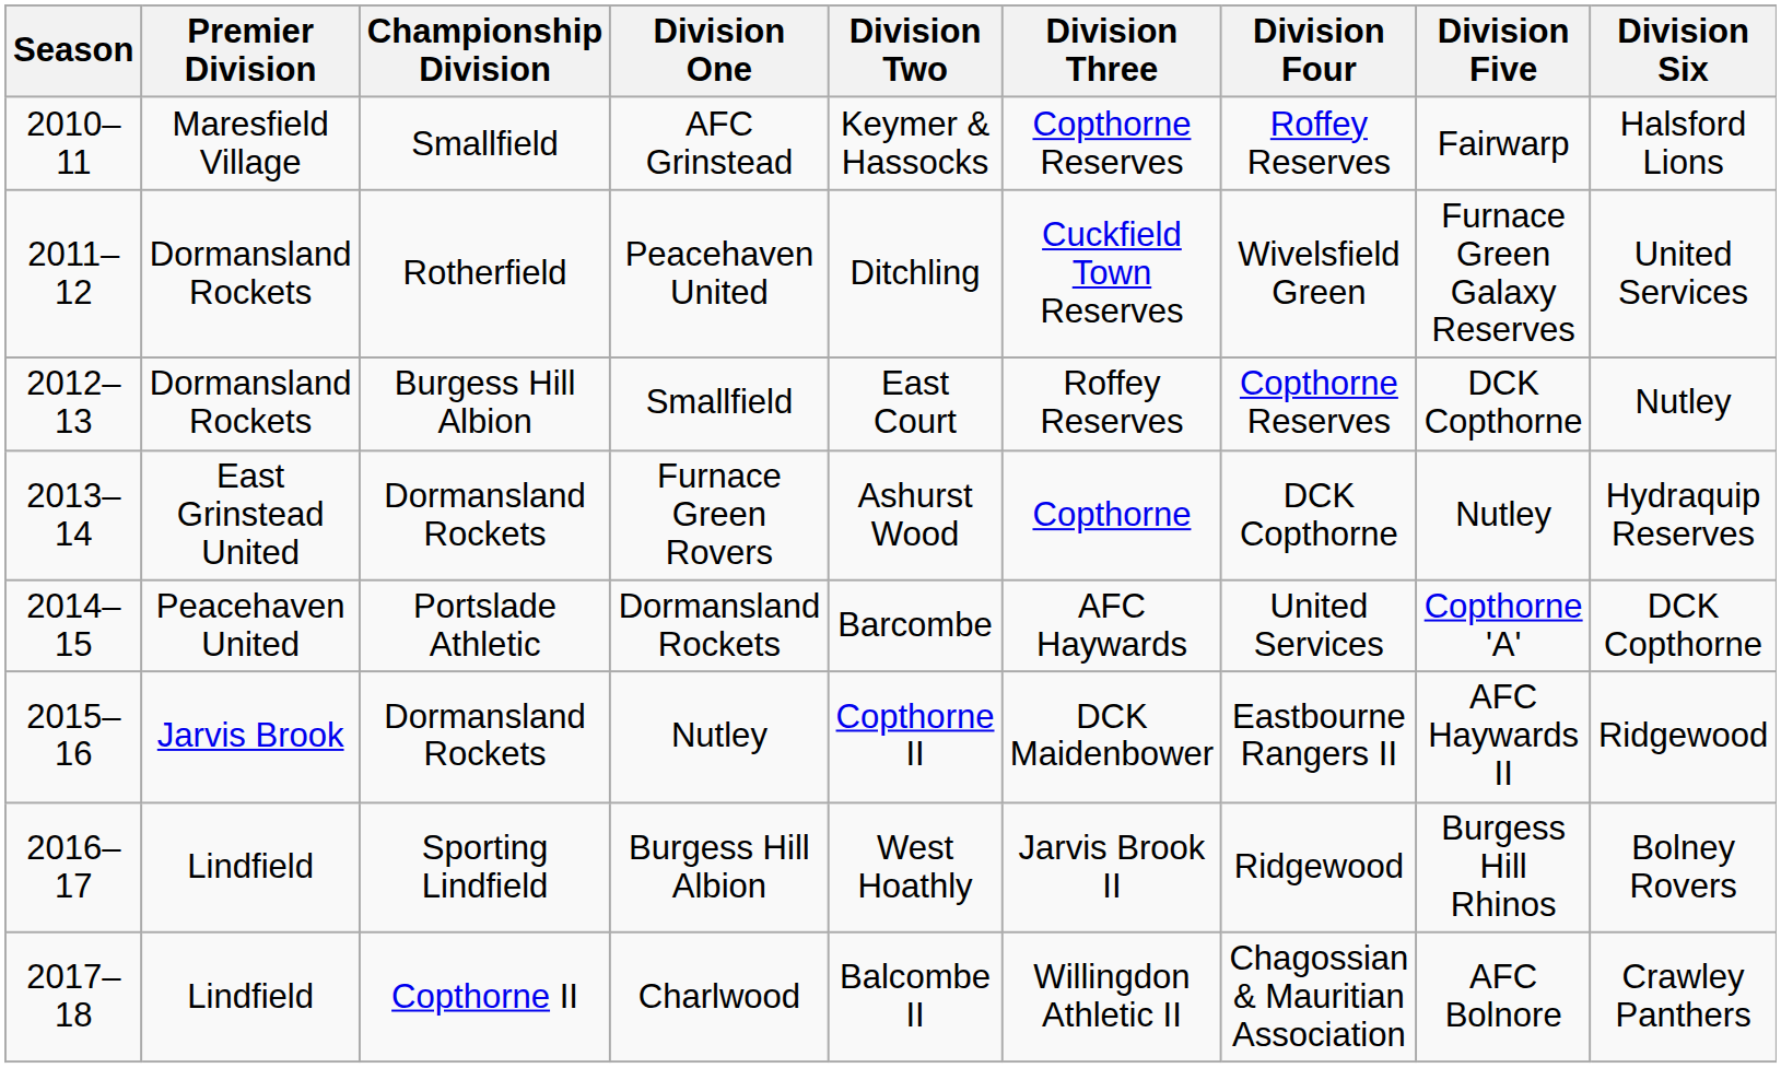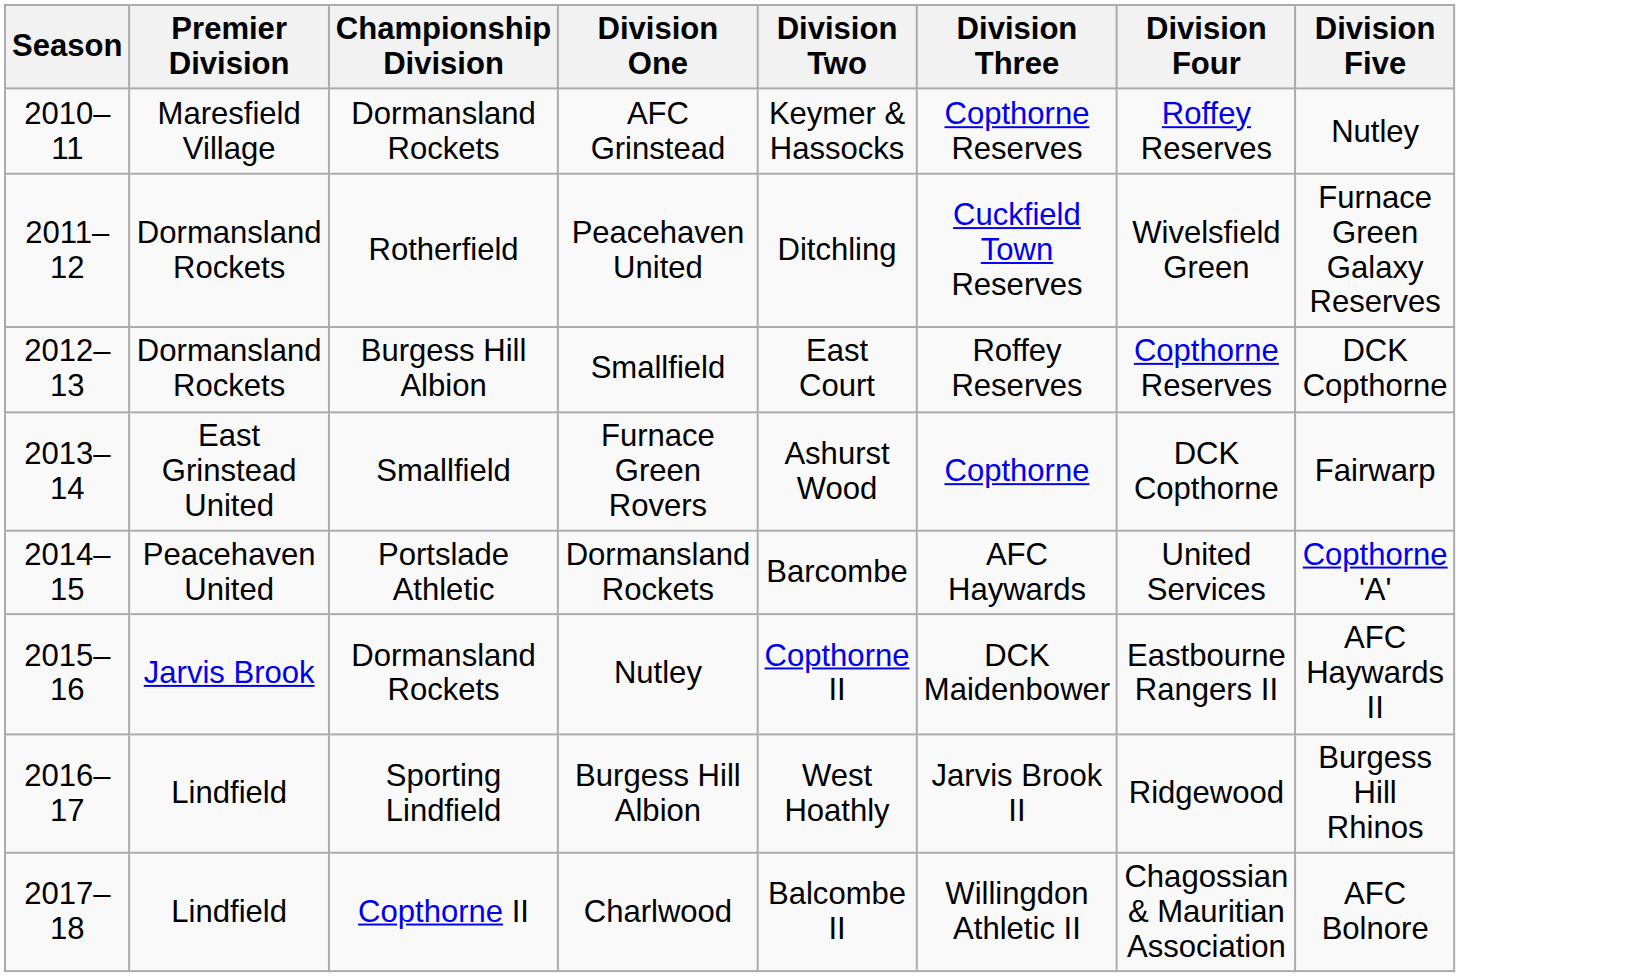 <table class="wikitable" style="text-align: center">
 <tr>
 <th>Season</th>
 <th>Premier Division</th>
 <th>Championship Division</th>
 <th>Division One</th>
 <th>Division Two</th>
 <th>Division Three</th>
 <th>Division Four</th>
 <th>Division Five</th>
-<th>Division Six</th>
 </tr>
 <tr>
 <td>2010–11</td>
 <td>Maresfield Village</td>
-<td>Smallfield</td>
+<td>Dormansland Rockets</td>
 <td>AFC Grinstead</td>
 <td>Keymer & Hassocks</td>
 <td><a href='#'>Copthorne</a> Reserves</td>
 <td><a href='#'>Roffey</a> Reserves</td>
-<td>Fairwarp</td>
-<td>Halsford Lions</td>
+<td>Nutley</td>
 </tr>
 <tr>
 <td>2011–12</td>
 <td>Dormansland Rockets</td>
 <td>Rotherfield</td>
 <td>Peacehaven United</td>
 <td>Ditchling</td>
 <td><a href='#'>Cuckfield Town</a> Reserves</td>
 <td>Wivelsfield Green</td>
 <td>Furnace Green Galaxy Reserves</td>
-<td>United Services</td>
 </tr>
 <tr>
 <td>2012–13</td>
 <td>Dormansland Rockets</td>
 <td>Burgess Hill Albion</td>
 <td>Smallfield</td>
 <td>East Court</td>
 <td>Roffey Reserves</td>
 <td><a href='#'>Copthorne</a> Reserves</td>
 <td>DCK Copthorne</td>
-<td>Nutley</td>
 </tr>
 <tr>
 <td>2013–14</td>
 <td>East Grinstead United</td>
-<td>Dormansland Rockets</td>
+<td>Smallfield</td>
 <td>Furnace Green Rovers</td>
 <td>Ashurst Wood</td>
 <td><a href='#'>Copthorne</a></td>
 <td>DCK Copthorne</td>
-<td>Nutley</td>
-<td>Hydraquip Reserves</td>
+<td>Fairwarp</td>
 </tr>
 <tr>
 <td>2014–15</td>
 <td>Peacehaven United</td>
 <td>Portslade Athletic</td>
 <td>Dormansland Rockets</td>
 <td>Barcombe</td>
 <td>AFC Haywards</td>
 <td>United Services</td>
 <td><a href='#'>Copthorne</a> 'A'</td>
-<td>DCK Copthorne</td>
 </tr>
 <tr>
 <td>2015–16</td>
 <td><a href='#'>Jarvis Brook</a></td>
 <td>Dormansland Rockets</td>
 <td>Nutley</td>
 <td><a href='#'>Copthorne</a> II</td>
 <td>DCK Maidenbower</td>
 <td>Eastbourne Rangers II</td>
 <td>AFC Haywards II</td>
-<td>Ridgewood</td>
 </tr>
 <tr>
 <td>2016–17</td>
 <td>Lindfield</td>
 <td>Sporting Lindfield</td>
 <td>Burgess Hill Albion</td>
 <td>West Hoathly</td>
 <td>Jarvis Brook II</td>
 <td>Ridgewood</td>
 <td>Burgess Hill Rhinos</td>
-<td>Bolney Rovers</td>
 </tr>
 <tr>
 <td>2017–18</td>
 <td>Lindfield</td>
 <td><a href='#'>Copthorne</a> II</td>
 <td>Charlwood</td>
 <td>Balcombe II</td>
 <td>Willingdon Athletic II</td>
 <td>Chagossian & Mauritian Association</td>
 <td>AFC Bolnore</td>
-<td>Crawley Panthers</td>
 </tr>
 </table>
